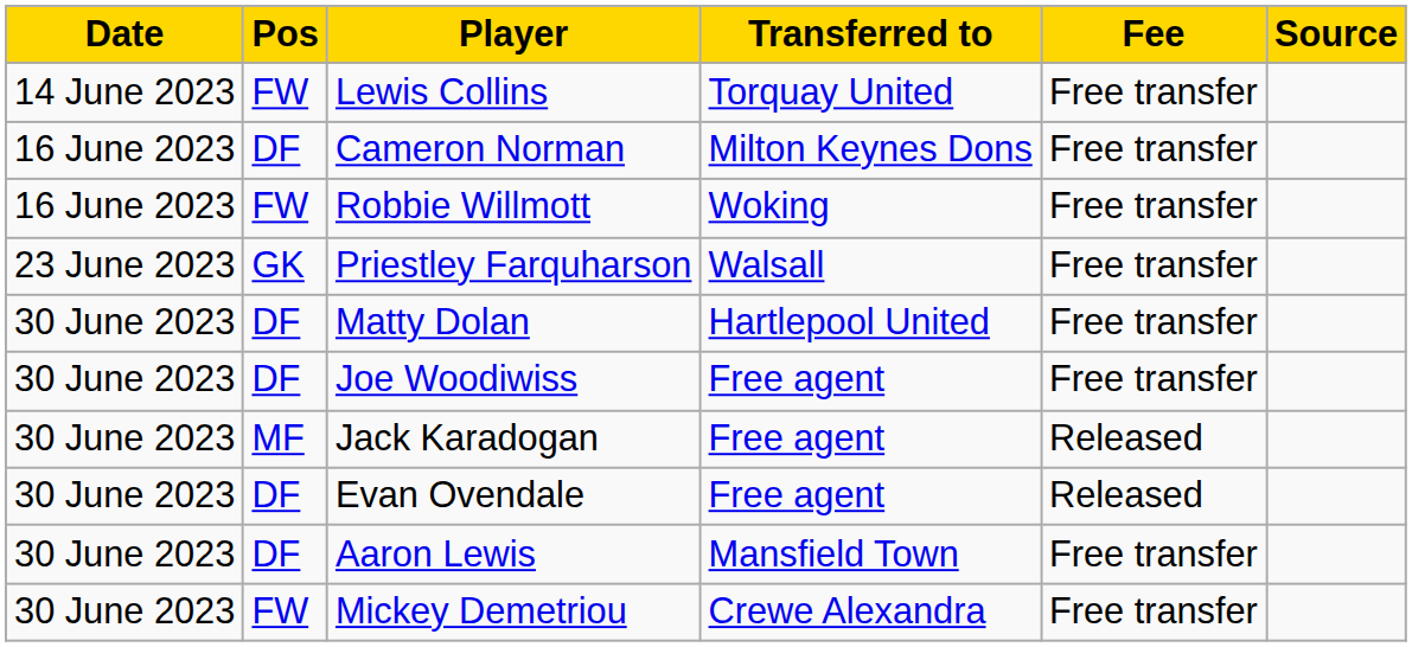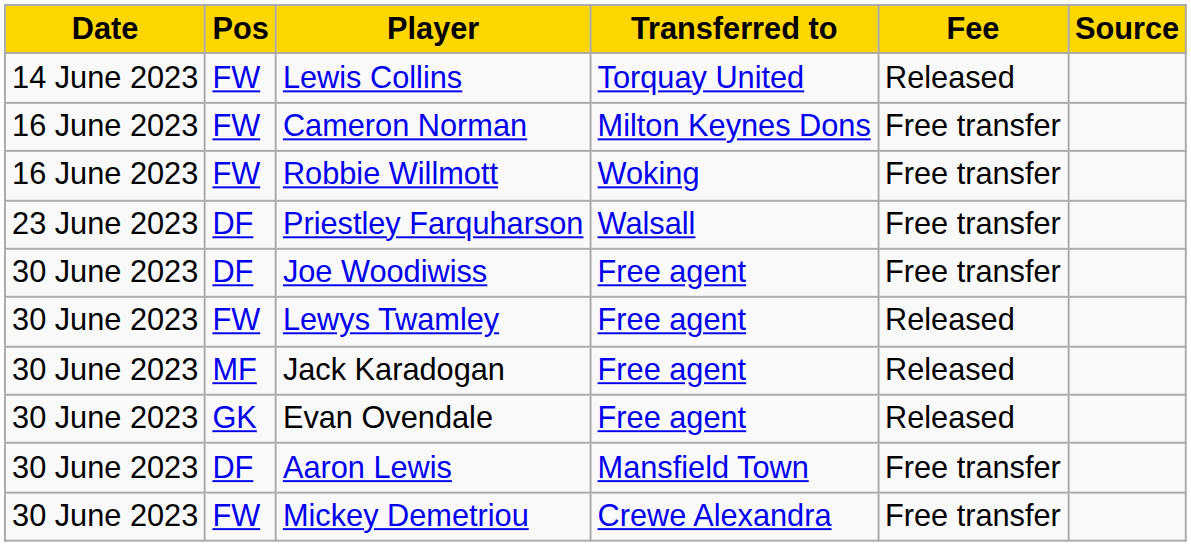 <table class="wikitable plainrowheaders sortable">
 <tr>
 <th style="background:#FFD700; color:#000000; ">Date</th>
 <th style="background:#FFD700; color:#000000; ">Pos</th>
 <th style="background:#FFD700; color:#000000; ">Player</th>
 <th style="background:#FFD700; color:#000000; ">Transferred to</th>
 <th style="background:#FFD700; color:#000000; ">Fee</th>
 <th style="background:#FFD700; color:#000000; ">Source</th>
 </tr>
 <tr>
 <td>14 June 2023</td>
 <td><a href='#'>FW</a></td>
 <td> <a href='#'>Lewis Collins</a></td>
 <td> <a href='#'>Torquay United</a></td>
-<td>Free transfer</td>
+<td>Released</td>
 <td></td>
 </tr>
 <tr>
 <td>16 June 2023</td>
-<td><a href='#'>DF</a></td>
+<td><a href='#'>FW</a></td>
 <td> <a href='#'>Cameron Norman</a></td>
 <td> <a href='#'>Milton Keynes Dons</a></td>
 <td>Free transfer</td>
 <td></td>
 </tr>
 <tr>
 <td>16 June 2023</td>
 <td><a href='#'>FW</a></td>
 <td> <a href='#'>Robbie Willmott</a></td>
 <td> <a href='#'>Woking</a></td>
 <td>Free transfer</td>
 <td></td>
 </tr>
 <tr>
 <td>23 June 2023</td>
-<td><a href='#'>GK</a></td>
+<td><a href='#'>DF</a></td>
 <td> <a href='#'>Priestley Farquharson</a></td>
 <td> <a href='#'>Walsall</a></td>
-<td>Free transfer</td>
-<td></td>
-</tr>
-<tr>
-<td>30 June 2023</td>
-<td><a href='#'>DF</a></td>
-<td> <a href='#'>Matty Dolan</a></td>
-<td> <a href='#'>Hartlepool United</a></td>
 <td>Free transfer</td>
 <td></td>
 </tr>
 <tr>
 <td>30 June 2023</td>
 <td><a href='#'>DF</a></td>
 <td> <a href='#'>Joe Woodiwiss</a></td>
 <td><a href='#'>Free agent</a></td>
 <td>Free transfer</td>
 <td></td>
 </tr>
 <tr>
 <td>30 June 2023</td>
+<td><a href='#'>FW</a></td>
+<td> <a href='#'>Lewys Twamley</a></td>
+<td><a href='#'>Free agent</a></td>
+<td>Released</td>
+<td></td>
+</tr>
+<tr>
+<td>30 June 2023</td>
 <td><a href='#'>MF</a></td>
 <td> Jack Karadogan</td>
 <td><a href='#'>Free agent</a></td>
 <td>Released</td>
 <td></td>
 </tr>
 <tr>
 <td>30 June 2023</td>
-<td><a href='#'>DF</a></td>
+<td><a href='#'>GK</a></td>
 <td> Evan Ovendale</td>
 <td><a href='#'>Free agent</a></td>
 <td>Released</td>
 <td></td>
 </tr>
 <tr>
 <td>30 June 2023</td>
 <td><a href='#'>DF</a></td>
 <td> <a href='#'>Aaron Lewis</a></td>
 <td> <a href='#'>Mansfield Town</a></td>
 <td>Free transfer</td>
 <td></td>
 </tr>
 <tr>
 <td>30 June 2023</td>
 <td><a href='#'>FW</a></td>
 <td> <a href='#'>Mickey Demetriou</a></td>
 <td> <a href='#'>Crewe Alexandra</a></td>
 <td>Free transfer</td>
 <td></td>
 </tr>
 </table>
